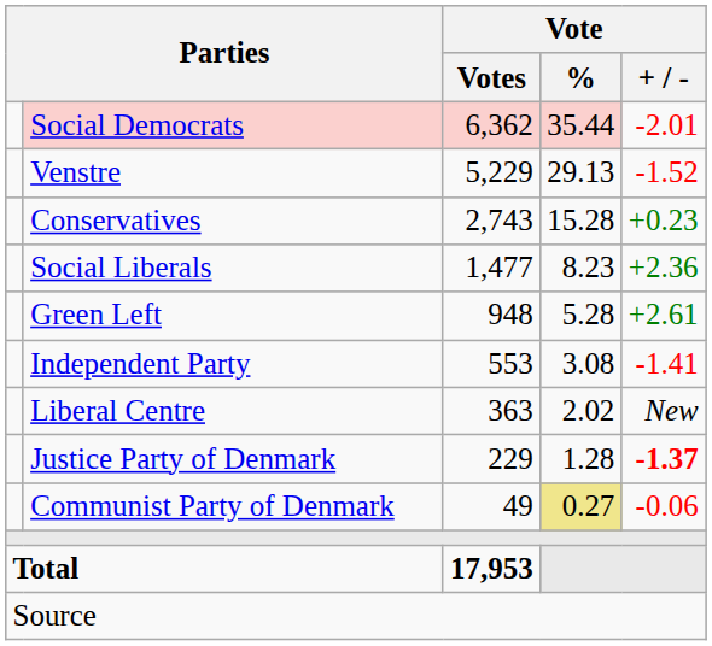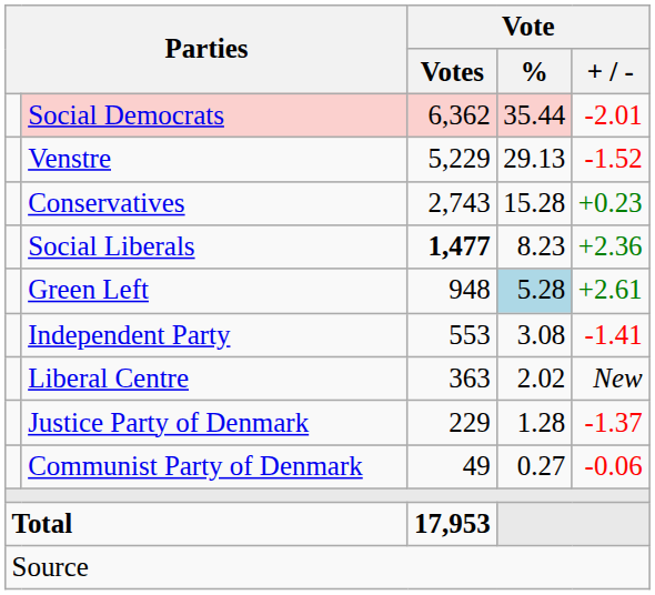 <table class="wikitable" style="text-align:right;">
 <tr>
 <th style="text-align:centre;" rowspan="2" colspan="2" width="225">Parties</th>
 <th colspan="3">Vote</th>
 </tr>
 <tr>
 <th width="15">Votes</th>
 <th width="15">%</th>
 <th width="15">+ / -</th>
 </tr>
 <tr>
 <td width="2" style="color:inherit;background:"></td>
 <td bgcolor=#fbd0ce  align="left"><a href='#'>Social Democrats</a></td>
 <td bgcolor=#fbd0ce>6,362</td>
 <td bgcolor=#fbd0ce>35.44</td>
 <td style=color:red;>-2.01</td>
 </tr>
 <tr>
 <td width="2" style="color:inherit;background:"></td>
 <td align="left"><a href='#'>Venstre</a></td>
 <td>5,229</td>
 <td>29.13</td>
 <td style=color:red;>-1.52</td>
 </tr>
 <tr>
 <td width="2" style="color:inherit;background:"></td>
 <td align="left"><a href='#'>Conservatives</a></td>
 <td>2,743</td>
 <td>15.28</td>
 <td style=color:green;>+0.23</td>
 </tr>
 <tr>
 <td width="2" style="color:inherit;background:"></td>
 <td align="left"><a href='#'>Social Liberals</a></td>
-<td>1,477</td>
+<td><strong>1,477</strong></td>
 <td>8.23</td>
 <td style=color:green;>+2.36</td>
 </tr>
 <tr>
 <td width="2" style="color:inherit;background:"></td>
 <td align="left"><a href='#'>Green Left</a></td>
 <td>948</td>
-<td>5.28</td>
+<td style="background: lightblue;">5.28</td>
 <td style=color:green;>+2.61</td>
 </tr>
 <tr>
 <td width="2" style="color:inherit;background:"></td>
 <td align="left"><a href='#'>Independent Party</a></td>
 <td>553</td>
 <td>3.08</td>
 <td style=color:red;>-1.41</td>
 </tr>
 <tr>
 <td width="2" style="color:inherit;background:"></td>
 <td align="left"><a href='#'>Liberal Centre</a></td>
 <td>363</td>
 <td>2.02</td>
 <td><em>New</em></td>
 </tr>
 <tr>
 <td width="2" style="color:inherit;background:"></td>
 <td align="left"><a href='#'>Justice Party of Denmark</a></td>
 <td>229</td>
 <td>1.28</td>
-<td style=color:red;><strong>-1.37</strong></td>
+<td style=color:red;>-1.37</td>
 </tr>
 <tr>
 <td width="2" style="color:inherit;background:"></td>
 <td align="left"><a href='#'>Communist Party of Denmark</a></td>
 <td>49</td>
-<td style="background: khaki;">0.27</td>
+<td>0.27</td>
 <td style=color:red;>-0.06</td>
 </tr>
 <tr>
 <td colspan="7" bgcolor="#E9E9E9"></td>
 </tr>
 <tr>
 <td align="left" colspan="2"><strong>Total</strong></td>
 <td><strong>17,953</strong></td>
 <td bgcolor="#E9E9E9" colspan="2"></td>
 </tr>
 <tr>
 <td align="left" colspan="6">Source</td>
 </tr>
 </table>
